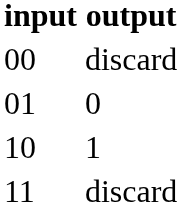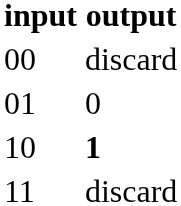 <table>
 <tr>
 <th>input</th>
 <th>output</th>
 </tr>
 <tr>
 <td>00</td>
 <td>discard</td>
 </tr>
 <tr>
 <td>01</td>
 <td>0</td>
 </tr>
 <tr>
 <td>10</td>
-<td>1</td>
+<td><strong>1</strong></td>
 </tr>
 <tr>
 <td>11</td>
 <td>discard</td>
 </tr>
 </table>
